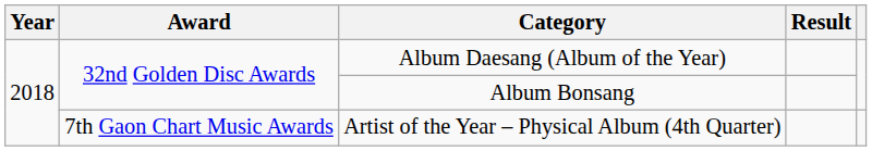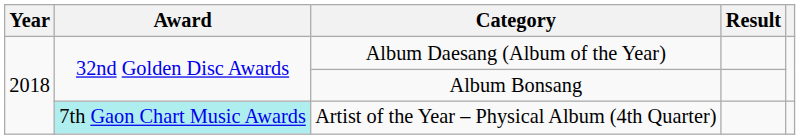 <table class="wikitable" style="text-align:center;">
 <tr>
 <th>Year</th>
 <th>Award</th>
 <th>Category</th>
 <th>Result</th>
 <th></th>
 </tr>
 <tr>
 <td rowspan="3">2018</td>
 <td rowspan="2"><a href='#'>32nd</a> <a href='#'>Golden Disc Awards</a></td>
 <td>Album Daesang (Album of the Year)</td>
 <td></td>
 <td rowspan="2"></td>
 </tr>
 <tr>
 <td>Album Bonsang</td>
 <td></td>
 </tr>
 <tr>
-<td>7th <a href='#'>Gaon Chart Music Awards</a></td>
+<td style="background: paleturquoise;">7th <a href='#'>Gaon Chart Music Awards</a></td>
 <td>Artist of the Year – Physical Album (4th Quarter)</td>
 <td></td>
 <td></td>
 </tr>
 </table>
